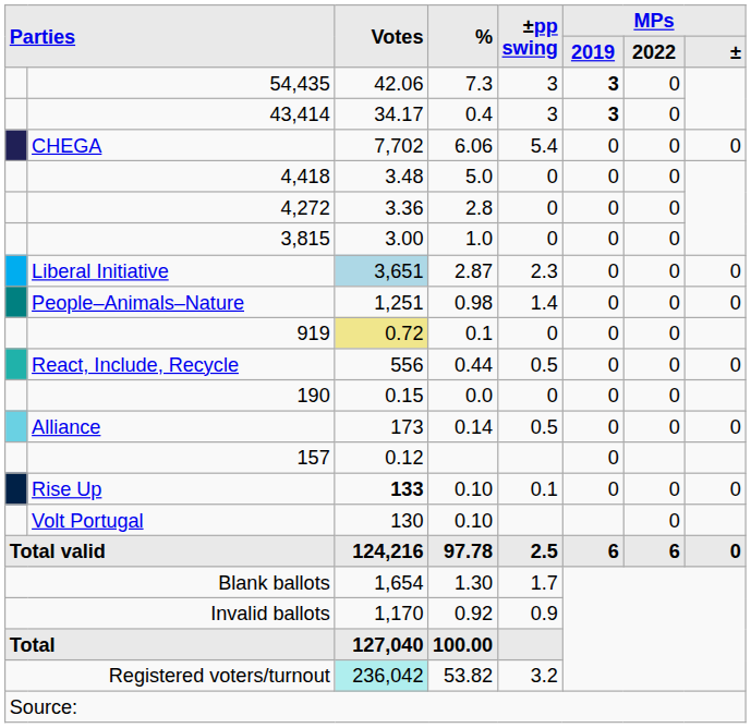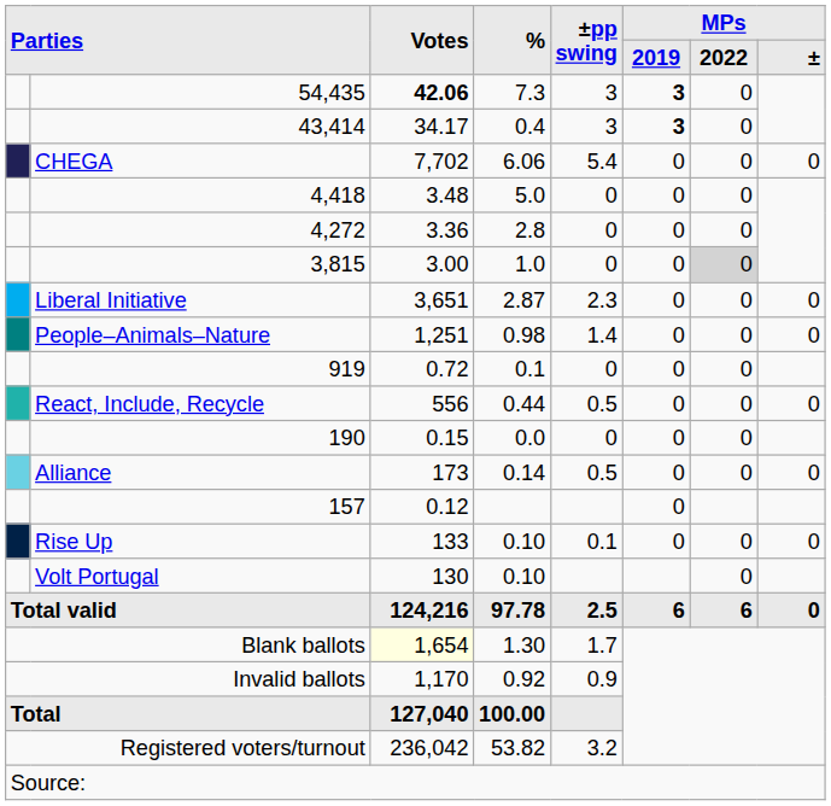 <table class="wikitable" style="text-align:right; font-size:95%;">
 <tr>
 <th rowspan="2" colspan="2" style="background:#e9e9e9; text-align:left;" alignleft><a href='#'>Parties</a></th>
 <th rowspan="2" style="background:#e9e9e9; text-align:right;">Votes</th>
 <th rowspan="2" style="background:#e9e9e9; text-align:right;">%</th>
 <th rowspan="2" style="background:#e9e9e9; text-align:right;">±<a href='#'>pp</a> <a href='#'>swing</a></th>
 <th colspan="3" style="background:#e9e9e9; text-align:center;"><a href='#'>MPs</a></th>
 </tr>
 <tr style="background-color:#E9E9E9">
 <th style="background-color:#E9E9E9;text-align:center;"><a href='#'>2019</a></th>
 <th style="background-color:#E9E9E9;text-align:center;">2022</th>
 <th style="background:#e9e9e9; text-align:right;">±</th>
 </tr>
 <tr>
 <td></td>
 <td>54,435</td>
-<td>42.06</td>
+<td><strong>42.06</strong></td>
 <td>7.3</td>
 <td>3</td>
 <td><strong>3</strong></td>
 <td>0</td>
 </tr>
 <tr>
 <td></td>
 <td>43,414</td>
 <td>34.17</td>
 <td>0.4</td>
 <td>3</td>
 <td><strong>3</strong></td>
 <td>0</td>
 </tr>
 <tr>
 <td style="width: 10px" bgcolor="#202056" align="center"></td>
 <td align="left"><a href='#'>CHEGA</a></td>
 <td>7,702</td>
 <td>6.06</td>
 <td>5.4</td>
 <td>0</td>
 <td>0</td>
 <td>0</td>
 </tr>
 <tr>
 <td></td>
 <td>4,418</td>
 <td>3.48</td>
 <td>5.0</td>
 <td>0</td>
 <td>0</td>
 <td>0</td>
 </tr>
 <tr>
 <td></td>
 <td>4,272</td>
 <td>3.36</td>
 <td>2.8</td>
 <td>0</td>
 <td>0</td>
 <td>0</td>
 </tr>
 <tr>
 <td></td>
 <td>3,815</td>
 <td>3.00</td>
 <td>1.0</td>
 <td>0</td>
 <td>0</td>
-<td>0</td>
+<td style="background: lightgrey;">0</td>
 </tr>
 <tr>
 <td style="width: 10px" bgcolor="#00ADEF" align="center"></td>
 <td align="left"><a href='#'>Liberal Initiative</a></td>
-<td style="background: lightblue;">3,651</td>
+<td>3,651</td>
 <td>2.87</td>
 <td>2.3</td>
 <td>0</td>
 <td>0</td>
 <td>0</td>
 </tr>
 <tr>
 <td style="width: 10px" bgcolor="teal" align="center"></td>
 <td align="left"><a href='#'>People–Animals–Nature</a></td>
 <td>1,251</td>
 <td>0.98</td>
 <td>1.4</td>
 <td>0</td>
 <td>0</td>
 <td>0</td>
 </tr>
 <tr>
 <td></td>
 <td>919</td>
-<td style="background: khaki;">0.72</td>
+<td>0.72</td>
 <td>0.1</td>
 <td>0</td>
 <td>0</td>
 <td>0</td>
 </tr>
 <tr>
 <td style="width: 10px" bgcolor="LightSeaGreen" align="center"></td>
 <td align="left"><a href='#'>React, Include, Recycle</a></td>
 <td>556</td>
 <td>0.44</td>
 <td>0.5</td>
 <td>0</td>
 <td>0</td>
 <td>0</td>
 </tr>
 <tr>
 <td></td>
 <td>190</td>
 <td>0.15</td>
 <td>0.0</td>
 <td>0</td>
 <td>0</td>
 <td>0</td>
 </tr>
 <tr>
 <td style="width: 10px" bgcolor="#6AD1E3" align="center"></td>
 <td align="left"><a href='#'>Alliance</a></td>
 <td>173</td>
 <td>0.14</td>
 <td>0.5</td>
 <td>0</td>
 <td>0</td>
 <td>0</td>
 </tr>
 <tr>
 <td></td>
 <td>157</td>
 <td>0.12</td>
 <td></td>
 <td></td>
 <td>0</td>
 <td></td>
 </tr>
 <tr>
 <td style="width: 10px" bgcolor="#002147" align="center"></td>
 <td align="left"><a href='#'>Rise Up</a></td>
-<td><strong>133</strong></td>
+<td>133</td>
 <td>0.10</td>
 <td>0.1</td>
 <td>0</td>
 <td>0</td>
 <td>0</td>
 </tr>
 <tr>
 <td style="width: 10px"></td>
 <td align="left"><a href='#'>Volt Portugal</a></td>
 <td>130</td>
 <td>0.10</td>
 <td></td>
 <td></td>
 <td>0</td>
 <td></td>
 </tr>
 <tr>
 <td colspan=2 width="247" align=left style="background-color:#E9E9E9"><strong>Total valid</strong></td>
 <td width="65" align="right" style="background-color:#E9E9E9"><strong>124,216</strong></td>
 <td width="40" align="right" style="background-color:#E9E9E9"><strong>97.78</strong></td>
 <td width="40" align="right" style="background-color:#E9E9E9"><strong>2.5</strong></td>
 <td width="40" align="right" style="background-color:#E9E9E9"><strong>6</strong></td>
 <td width="40" align="right" style="background-color:#E9E9E9"><strong>6</strong></td>
 <td width="40" align="right" style="background-color:#E9E9E9"><strong>0</strong></td>
 </tr>
 <tr>
 <td colspan=2>Blank ballots</td>
-<td>1,654</td>
+<td style="background: lightyellow;">1,654</td>
 <td>1.30</td>
 <td>1.7</td>
 <td colspan=4 rowspan=4></td>
 </tr>
 <tr>
 <td colspan=2>Invalid ballots</td>
 <td>1,170</td>
 <td>0.92</td>
 <td>0.9</td>
 </tr>
 <tr>
 <td colspan=2 align=left style="background-color:#E9E9E9"><strong>Total</strong></td>
 <td width="50" align="right" style="background-color:#E9E9E9"><strong>127,040</strong></td>
 <td width="40" align="right" style="background-color:#E9E9E9"><strong>100.00</strong></td>
 <td width="40" align="right" style="background-color:#E9E9E9"></td>
 </tr>
 <tr>
 <td colspan=2>Registered voters/turnout</td>
-<td style="background: paleturquoise;">236,042</td>
+<td>236,042</td>
 <td>53.82</td>
 <td>3.2</td>
 </tr>
 <tr>
 <td colspan=11 align=left>Source: </td>
 </tr>
 </table>
